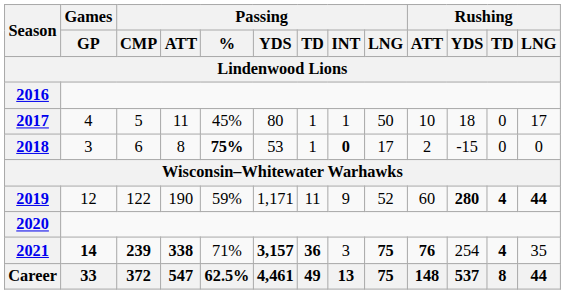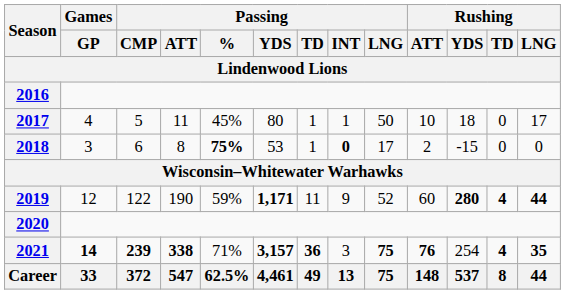 <table class="wikitable" style="text-align:center;">
 <tr>
 <th rowspan="2">Season</th>
 <th colspan="1">Games</th>
 <th colspan="7">Passing</th>
 <th colspan="4">Rushing</th>
 </tr>
 <tr>
 <th>GP</th>
 <th>CMP</th>
 <th>ATT</th>
 <th>%</th>
 <th>YDS</th>
 <th>TD</th>
 <th>INT</th>
 <th>LNG</th>
 <th>ATT</th>
 <th>YDS</th>
 <th>TD</th>
 <th>LNG</th>
 </tr>
 <tr>
 <th colspan="14">Lindenwood Lions</th>
 </tr>
 <tr>
 <th><a href='#'>2016</a></th>
 <td colspan="14"></td>
 </tr>
 <tr>
 <th><a href='#'>2017</a></th>
 <td>4</td>
 <td>5</td>
 <td>11</td>
 <td>45%</td>
 <td>80</td>
 <td>1</td>
 <td>1</td>
 <td>50</td>
 <td>10</td>
 <td>18</td>
 <td>0</td>
 <td>17</td>
 </tr>
 <tr>
 <th><a href='#'>2018</a></th>
 <td>3</td>
 <td>6</td>
 <td>8</td>
 <td><strong>75%</strong></td>
 <td>53</td>
 <td>1</td>
 <td><strong>0</strong></td>
 <td>17</td>
 <td>2</td>
 <td>-15</td>
 <td>0</td>
 <td>0</td>
 </tr>
 <tr>
 <th colspan="14">Wisconsin–Whitewater Warhawks</th>
 </tr>
 <tr>
 <th><a href='#'>2019</a></th>
 <td>12</td>
 <td>122</td>
 <td>190</td>
 <td>59%</td>
-<td>1,171</td>
+<td><strong>1,171</strong></td>
 <td>11</td>
 <td>9</td>
 <td>52</td>
 <td>60</td>
 <td><strong>280</strong></td>
 <td><strong>4</strong></td>
 <td><strong>44</strong></td>
 </tr>
 <tr>
 <th><a href='#'>2020</a></th>
 <td colspan="14"></td>
 </tr>
 <tr>
 <th><a href='#'>2021</a></th>
 <td><strong>14</strong></td>
 <td><strong>239</strong></td>
 <td><strong>338</strong></td>
 <td>71%</td>
 <td><strong>3,157</strong></td>
 <td><strong>36</strong></td>
 <td>3</td>
 <td><strong>75</strong></td>
 <td><strong>76</strong></td>
 <td>254</td>
 <td><strong>4</strong></td>
-<td>35</td>
+<td><strong>35</strong></td>
 </tr>
 <tr>
 <th>Career</th>
 <th>33</th>
 <th>372</th>
 <th>547</th>
 <th>62.5%</th>
 <th>4,461</th>
 <th>49</th>
 <th>13</th>
 <th>75</th>
 <th>148</th>
 <th>537</th>
 <th>8</th>
 <th>44</th>
 </tr>
 </table>
